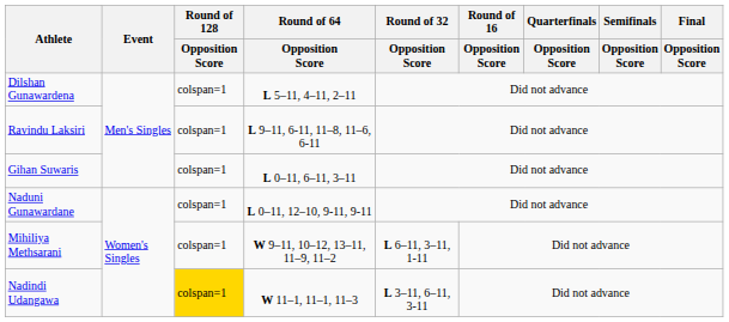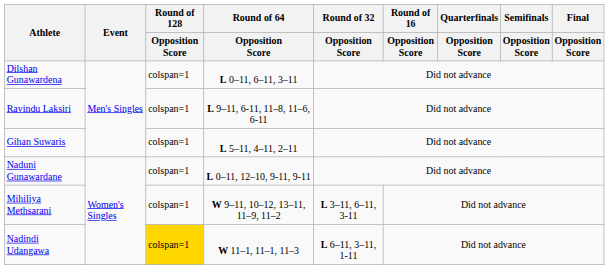 <table class=wikitable style="font-size:90%">
 <tr>
 <th rowspan="2">Athlete</th>
 <th rowspan="2">Event</th>
 <th>Round of 128</th>
 <th>Round of 64</th>
 <th>Round of 32</th>
 <th>Round of 16</th>
 <th>Quarterfinals</th>
 <th>Semifinals</th>
 <th>Final</th>
 </tr>
 <tr>
 <th>Opposition<br>Score</th>
 <th>Opposition<br>Score</th>
 <th>Opposition<br>Score</th>
 <th>Opposition<br>Score</th>
 <th>Opposition<br>Score</th>
 <th>Opposition<br>Score</th>
 <th>Opposition<br>Score</th>
 </tr>
 <tr>
 <td><a href='#'>Dilshan Gunawardena</a></td>
 <td rowspan="3"><a href='#'>Men's Singles</a></td>
 <td>colspan=1 </td>
-<td align=center><br><strong>L</strong> 5–11, 4–11, 2–11</td>
+<td align=center><br><strong>L</strong> 0–11, 6–11, 3–11</td>
 <td colspan=5 align=center>Did not advance</td>
 </tr>
 <tr>
 <td><a href='#'>Ravindu Laksiri</a></td>
 <td>colspan=1 </td>
 <td align=center><br><strong>L</strong> 9–11, 6-11, 11–8, 11–6, 6-11</td>
 <td colspan=5 align=center>Did not advance</td>
 </tr>
 <tr>
 <td><a href='#'>Gihan Suwaris</a></td>
 <td>colspan=1 </td>
-<td align=center><br><strong>L</strong> 0–11, 6–11, 3–11</td>
+<td align=center><br><strong>L</strong> 5–11, 4–11, 2–11</td>
 <td colspan=5 align=center>Did not advance</td>
 </tr>
 <tr>
 <td><a href='#'>Naduni Gunawardane</a></td>
 <td rowspan="3"><a href='#'>Women's Singles</a></td>
 <td>colspan=1 </td>
 <td align=center><br><strong>L</strong> 0–11, 12–10, 9-11, 9-11</td>
 <td colspan=5 align=center>Did not advance</td>
 </tr>
 <tr>
 <td><a href='#'>Mihiliya Methsarani</a></td>
 <td>colspan=1 </td>
 <td align=center><br><strong>W</strong> 9–11, 10–12, 13–11, 11–9, 11–2</td>
-<td align=center><br><strong>L</strong> 6–11, 3–11, 1-11</td>
+<td align=center><br><strong>L</strong> 3–11, 6–11, 3-11</td>
 <td colspan=4 align=center>Did not advance</td>
 </tr>
 <tr>
 <td><a href='#'>Nadindi Udangawa</a></td>
 <td style="background: gold;">colspan=1 </td>
 <td align=center><br><strong>W</strong> 11–1, 11–1, 11–3</td>
-<td align=center><br><strong>L</strong> 3–11, 6–11, 3-11</td>
+<td align=center><br><strong>L</strong> 6–11, 3–11, 1-11</td>
 <td colspan=4 align=center>Did not advance</td>
 </tr>
 </table>
